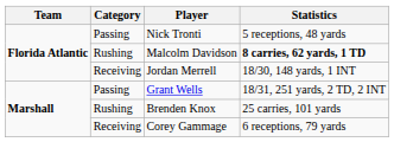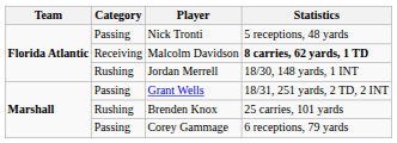 <table class="wikitable" style="float: left;">
 <tr>
 <th>Team</th>
 <th>Category</th>
 <th>Player</th>
 <th>Statistics</th>
 </tr>
 <tr>
 <td rowspan=3><strong>Florida Atlantic</strong></td>
 <td>Passing</td>
 <td>Nick Tronti</td>
 <td>5 receptions, 48 yards</td>
 </tr>
 <tr>
-<td>Rushing</td>
+<td>Receiving</td>
 <td>Malcolm Davidson</td>
 <td><strong>8 carries, 62 yards, 1 TD</strong></td>
 </tr>
 <tr>
-<td>Receiving</td>
+<td>Rushing</td>
 <td>Jordan Merrell</td>
 <td>18/30, 148 yards, 1 INT</td>
 </tr>
 <tr>
 <td rowspan=3><strong>Marshall</strong></td>
 <td>Passing</td>
 <td><a href='#'>Grant Wells</a></td>
 <td>18/31, 251 yards, 2 TD, 2 INT</td>
 </tr>
 <tr>
 <td>Rushing</td>
 <td>Brenden Knox</td>
 <td>25 carries, 101 yards</td>
 </tr>
 <tr>
-<td>Receiving</td>
+<td>Passing</td>
 <td>Corey Gammage</td>
 <td>6 receptions, 79 yards</td>
 </tr>
 </table>
